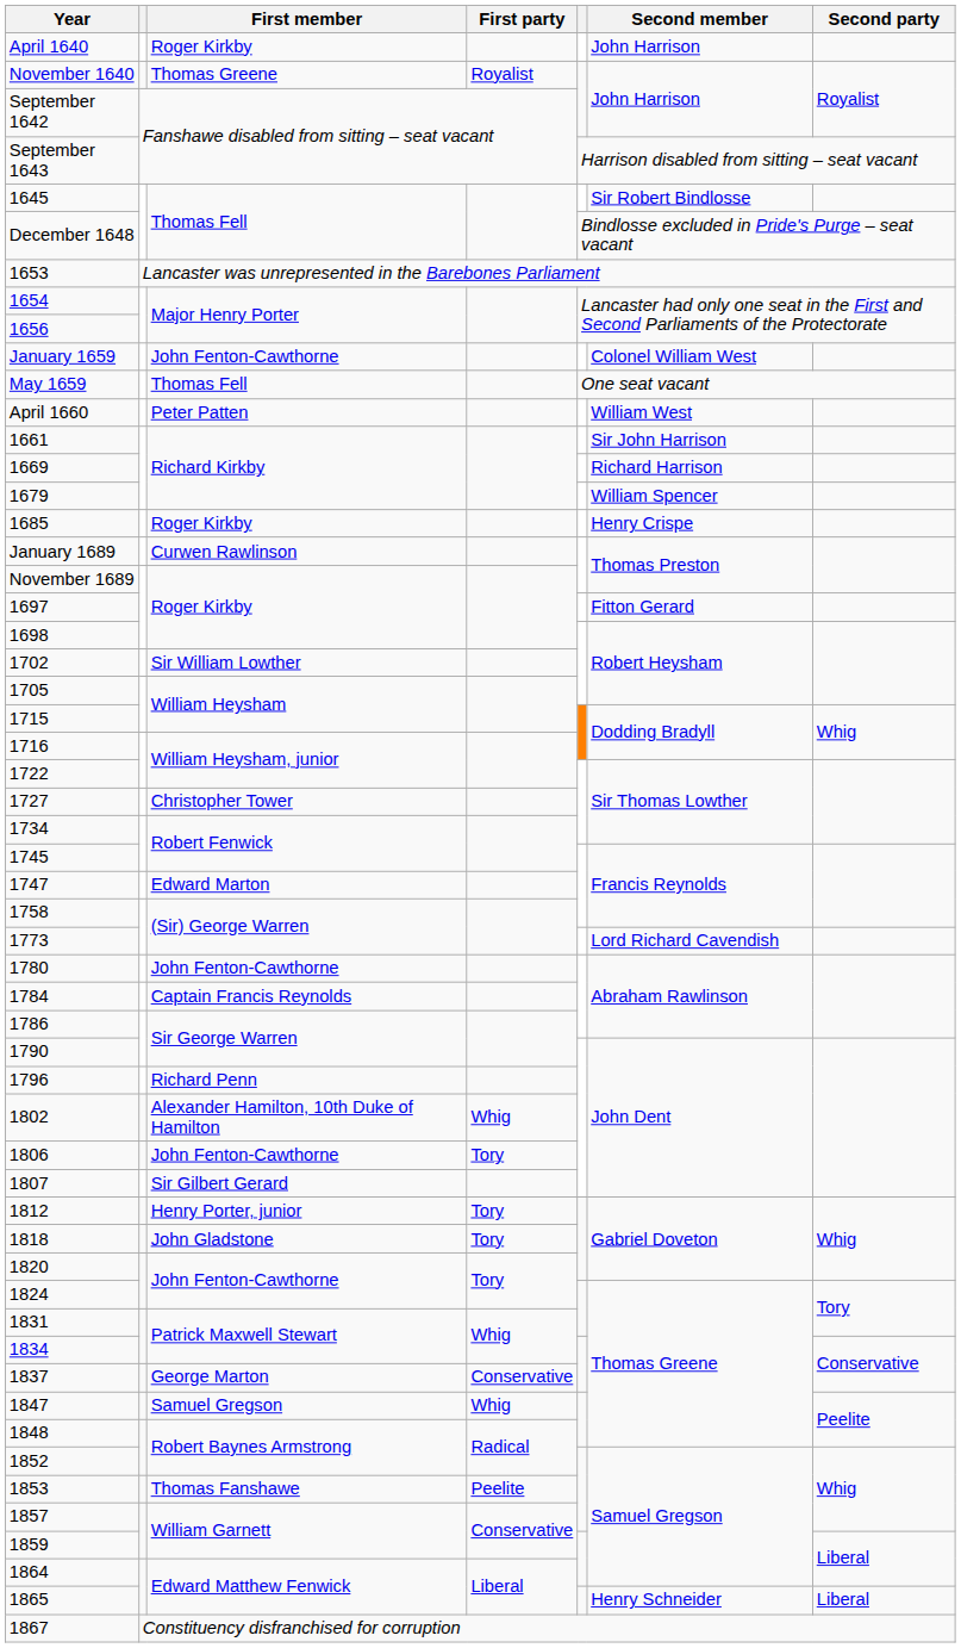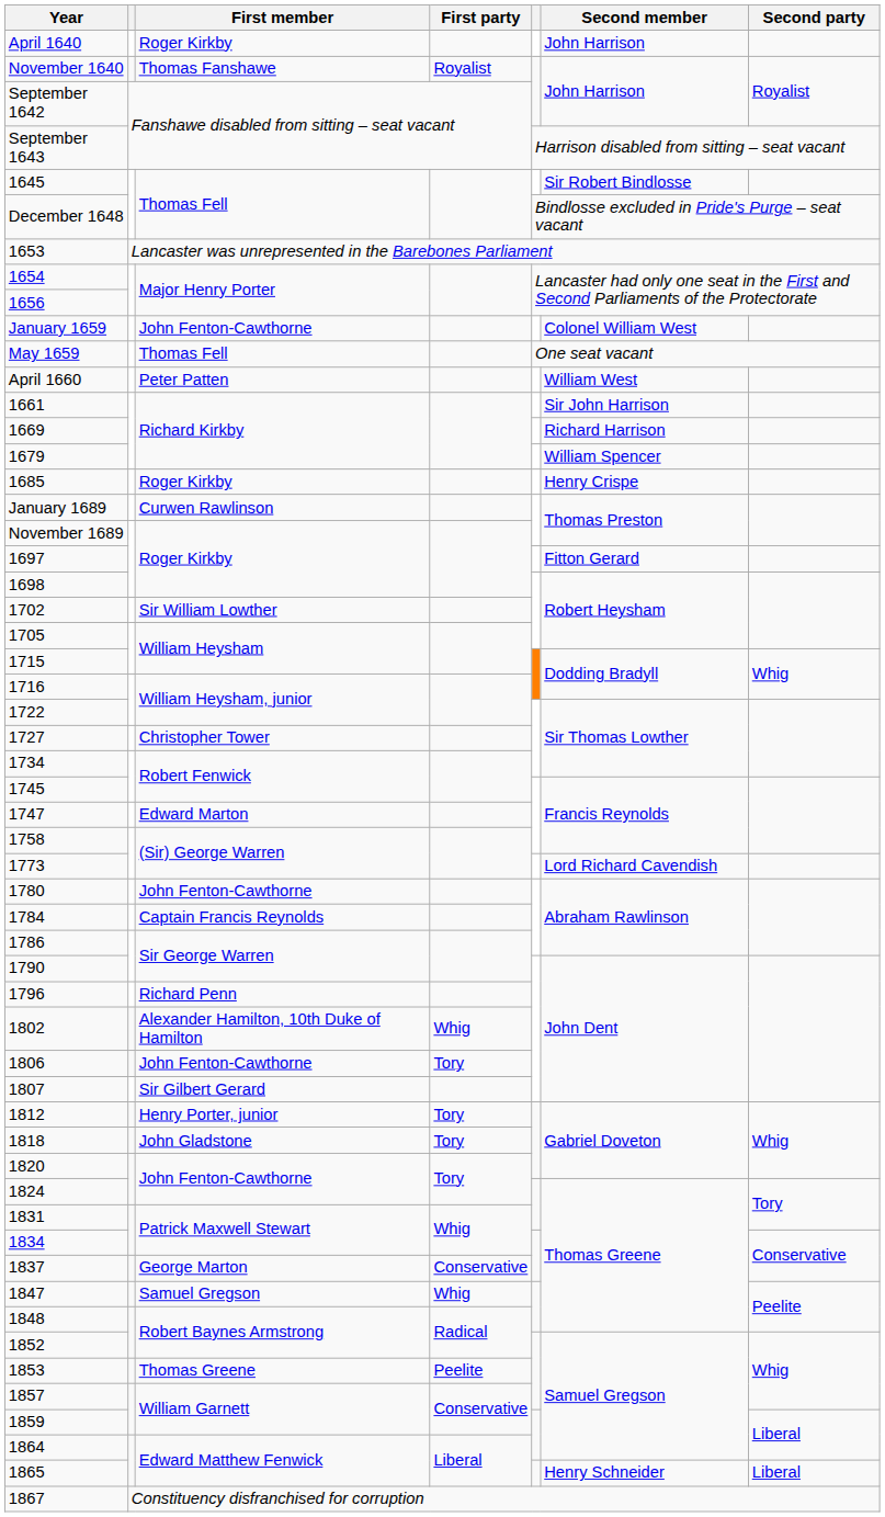 <table class="wikitable">
 <tr>
 <th>Year</th>
 <th></th>
 <th>First member</th>
 <th>First party</th>
 <th></th>
 <th>Second member</th>
 <th>Second party</th>
 </tr>
 <tr>
 <td><a href='#'>April 1640</a></td>
 <td style="color:inherit;background-color: white"></td>
 <td><a href='#'>Roger Kirkby</a></td>
 <td></td>
 <td style="color:inherit;background-color: white"></td>
 <td><a href='#'>John Harrison</a></td>
 <td></td>
 </tr>
 <tr>
 <td><a href='#'>November 1640</a></td>
 <td style="color:inherit;background-color: "></td>
-<td><a href='#'>Thomas Greene</a></td>
+<td><a href='#'>Thomas Fanshawe</a></td>
 <td><a href='#'>Royalist</a></td>
 <td rowspan="2" style="color:inherit;background-color: "></td>
 <td rowspan="2"><a href='#'>John Harrison</a></td>
 <td rowspan="2"><a href='#'>Royalist</a></td>
 </tr>
 <tr>
 <td>September 1642</td>
 <td rowspan="2" colspan="3"><em>Fanshawe disabled from sitting – seat vacant</em></td>
 </tr>
 <tr>
 <td>September 1643</td>
 <td colspan="3"><em>Harrison disabled from sitting – seat vacant</em></td>
 </tr>
 <tr>
 <td>1645</td>
 <td rowspan="2" style="color:inherit;background-color: white"></td>
 <td rowspan="2"><a href='#'>Thomas Fell</a></td>
 <td rowspan="2"></td>
 <td style="color:inherit;background-color: white"></td>
 <td><a href='#'>Sir Robert Bindlosse</a></td>
 <td></td>
 </tr>
 <tr>
 <td>December 1648</td>
 <td colspan="3"><em>Bindlosse excluded in <a href='#'>Pride's Purge</a> – seat vacant</em></td>
 </tr>
 <tr>
 <td>1653</td>
 <td colspan="6"><em>Lancaster was unrepresented in the <a href='#'>Barebones Parliament</a></em></td>
 </tr>
 <tr>
 <td><a href='#'>1654</a></td>
 <td rowspan="2" style="color:inherit;background-color: white"></td>
 <td rowspan="2"><a href='#'>Major Henry Porter</a></td>
 <td rowspan="2"></td>
 <td rowspan="2" colspan="3"><em>Lancaster had only one seat in the <a href='#'>First</a>  and <br><a href='#'>Second</a> Parliaments of the Protectorate</em></td>
 </tr>
 <tr>
 <td><a href='#'>1656</a></td>
 </tr>
 <tr>
 <td><a href='#'>January 1659</a></td>
 <td style="color:inherit;background-color: white"></td>
 <td><a href='#'>John Fenton-Cawthorne</a></td>
 <td></td>
 <td style="color:inherit;background-color: white"></td>
 <td><a href='#'>Colonel William West</a></td>
 <td></td>
 </tr>
 <tr>
 <td><a href='#'>May 1659</a></td>
 <td style="color:inherit;background-color: white"></td>
 <td><a href='#'>Thomas Fell</a></td>
 <td></td>
 <td colspan="3"><em>One seat vacant</em></td>
 </tr>
 <tr>
 <td>April 1660</td>
 <td style="color:inherit;background-color: white"></td>
 <td><a href='#'>Peter Patten</a></td>
 <td></td>
 <td style="color:inherit;background-color: white"></td>
 <td><a href='#'>William West</a></td>
 <td></td>
 </tr>
 <tr>
 <td>1661</td>
 <td rowspan="3" style="color:inherit;background-color: white"></td>
 <td rowspan="3"><a href='#'>Richard Kirkby</a></td>
 <td rowspan="3"></td>
 <td style="color:inherit;background-color: white"></td>
 <td><a href='#'>Sir John Harrison</a></td>
 <td></td>
 </tr>
 <tr>
 <td>1669</td>
 <td style="color:inherit;background-color: white"></td>
 <td><a href='#'>Richard Harrison</a></td>
 <td></td>
 </tr>
 <tr>
 <td>1679</td>
 <td style="color:inherit;background-color: white"></td>
 <td><a href='#'>William Spencer</a></td>
 <td></td>
 </tr>
 <tr>
 <td>1685</td>
 <td style="color:inherit;background-color: white"></td>
 <td><a href='#'>Roger Kirkby</a></td>
 <td></td>
 <td style="color:inherit;background-color: white"></td>
 <td><a href='#'>Henry Crispe</a></td>
 <td></td>
 </tr>
 <tr>
 <td>January 1689</td>
 <td style="color:inherit;background-color: white"></td>
 <td><a href='#'>Curwen Rawlinson</a></td>
 <td></td>
 <td rowspan="2" style="color:inherit;background-color: white"></td>
 <td rowspan="2"><a href='#'>Thomas Preston</a></td>
 <td rowspan="2"></td>
 </tr>
 <tr>
 <td>November 1689</td>
 <td rowspan="3" style="color:inherit;background-color: white"></td>
 <td rowspan="3"><a href='#'>Roger Kirkby</a></td>
 <td rowspan="3"></td>
 </tr>
 <tr>
 <td>1697</td>
 <td style="color:inherit;background-color: white"></td>
 <td><a href='#'>Fitton Gerard</a></td>
 <td></td>
 </tr>
 <tr>
 <td>1698</td>
 <td rowspan="3" style="color:inherit;background-color: white"></td>
 <td rowspan="3"><a href='#'>Robert Heysham</a></td>
 <td rowspan="3"></td>
 </tr>
 <tr>
 <td>1702</td>
 <td style="color:inherit;background-color: white"></td>
 <td><a href='#'>Sir William Lowther</a></td>
 <td></td>
 </tr>
 <tr>
 <td>1705</td>
 <td rowspan="2" style="color:inherit;background-color: white"></td>
 <td rowspan="2"><a href='#'>William Heysham</a></td>
 <td rowspan="2"></td>
 </tr>
 <tr>
 <td>1715</td>
 <td rowspan="2" style="color:inherit;background-color: #FF7F00"></td>
 <td rowspan="2"><a href='#'>Dodding Bradyll</a></td>
 <td rowspan="2"><a href='#'>Whig</a></td>
 </tr>
 <tr>
 <td>1716</td>
 <td rowspan="2" style="color:inherit;background-color: white"></td>
 <td rowspan="2"><a href='#'>William Heysham, junior</a></td>
 <td rowspan="2"></td>
 </tr>
 <tr>
 <td>1722</td>
 <td rowspan="3" style="color:inherit;background-color: white"></td>
 <td rowspan="3"><a href='#'>Sir Thomas Lowther</a></td>
 <td rowspan="3"></td>
 </tr>
 <tr>
 <td>1727</td>
 <td style="color:inherit;background-color: white"></td>
 <td><a href='#'>Christopher Tower</a></td>
 <td></td>
 </tr>
 <tr>
 <td>1734</td>
 <td rowspan="2" style="color:inherit;background-color: white"></td>
 <td rowspan="2"><a href='#'>Robert Fenwick</a></td>
 <td rowspan="2"></td>
 </tr>
 <tr>
 <td>1745</td>
 <td rowspan="3" style="color:inherit;background-color: white"></td>
 <td rowspan="3"><a href='#'>Francis Reynolds</a></td>
 <td rowspan="3"></td>
 </tr>
 <tr>
 <td>1747</td>
 <td style="color:inherit;background-color: white"></td>
 <td><a href='#'>Edward Marton</a></td>
 <td></td>
 </tr>
 <tr>
 <td>1758</td>
 <td rowspan="2" style="color:inherit;background-color: white"></td>
 <td rowspan="2"><a href='#'>(Sir) George Warren</a></td>
 <td rowspan="2"></td>
 </tr>
 <tr>
 <td>1773</td>
 <td style="color:inherit;background-color: white"></td>
 <td><a href='#'>Lord Richard Cavendish</a></td>
 <td></td>
 </tr>
 <tr>
 <td>1780</td>
 <td style="color:inherit;background-color: white"></td>
 <td><a href='#'>John Fenton-Cawthorne</a></td>
 <td></td>
 <td rowspan="3" style="color:inherit;background-color: white"></td>
 <td rowspan="3"><a href='#'>Abraham Rawlinson</a></td>
 <td rowspan="3"></td>
 </tr>
 <tr>
 <td>1784</td>
 <td style="color:inherit;background-color: white"></td>
 <td><a href='#'>Captain Francis Reynolds</a></td>
 <td></td>
 </tr>
 <tr>
 <td>1786</td>
 <td rowspan="2" style="color:inherit;background-color: white"></td>
 <td rowspan="2"><a href='#'>Sir George Warren</a></td>
 <td rowspan="2"></td>
 </tr>
 <tr>
 <td>1790</td>
 <td rowspan="5" style="color:inherit;background-color: white"></td>
 <td rowspan="5"><a href='#'>John Dent</a></td>
 <td rowspan="5"></td>
 </tr>
 <tr>
 <td>1796</td>
 <td style="color:inherit;background-color: white"></td>
 <td><a href='#'>Richard Penn</a></td>
 <td></td>
 </tr>
 <tr>
 <td>1802</td>
 <td style="color:inherit;background-color: "></td>
 <td><a href='#'>Alexander Hamilton, 10th Duke of Hamilton</a></td>
 <td><a href='#'>Whig</a></td>
 </tr>
 <tr>
 <td>1806</td>
 <td style="color:inherit;background-color: "></td>
 <td><a href='#'>John Fenton-Cawthorne</a></td>
 <td><a href='#'>Tory</a></td>
 </tr>
 <tr>
 <td>1807</td>
 <td style="color:inherit;background-color: white"></td>
 <td><a href='#'>Sir Gilbert Gerard</a></td>
 <td></td>
 </tr>
 <tr>
 <td>1812</td>
 <td style="color:inherit;background-color: "></td>
 <td><a href='#'>Henry Porter, junior</a></td>
 <td><a href='#'>Tory</a></td>
 <td rowspan="3" style="color:inherit;background-color: "></td>
 <td rowspan="3"><a href='#'>Gabriel Doveton</a></td>
 <td rowspan="3"><a href='#'>Whig</a></td>
 </tr>
 <tr>
 <td>1818</td>
 <td style="color:inherit;background-color: "></td>
 <td><a href='#'>John Gladstone</a></td>
 <td><a href='#'>Tory</a></td>
 </tr>
 <tr>
 <td>1820</td>
 <td rowspan="2" style="color:inherit;background-color: "></td>
 <td rowspan="2"><a href='#'>John Fenton-Cawthorne</a></td>
 <td rowspan="2"><a href='#'>Tory</a></td>
 </tr>
 <tr>
 <td>1824</td>
 <td rowspan="2" style="color:inherit;background-color: "></td>
 <td rowspan="6"><a href='#'>Thomas Greene</a></td>
 <td rowspan="2"><a href='#'>Tory</a></td>
 </tr>
 <tr>
 <td>1831</td>
 <td rowspan="2" style="color:inherit;background-color: "></td>
 <td rowspan="2"><a href='#'>Patrick Maxwell Stewart</a></td>
 <td rowspan="2"><a href='#'>Whig</a></td>
 </tr>
 <tr>
 <td><a href='#'>1834</a></td>
 <td rowspan="2" style="color:inherit;background-color: "></td>
 <td rowspan="2"><a href='#'>Conservative</a></td>
 </tr>
 <tr>
 <td>1837</td>
 <td style="color:inherit;background-color: "></td>
 <td><a href='#'>George Marton</a></td>
 <td><a href='#'>Conservative</a></td>
 </tr>
 <tr>
 <td>1847</td>
 <td style="color:inherit;background-color: "></td>
 <td><a href='#'>Samuel Gregson</a></td>
 <td><a href='#'>Whig</a></td>
 <td rowspan="2" style="color:inherit;background-color: "></td>
 <td rowspan="2"><a href='#'>Peelite</a></td>
 </tr>
 <tr>
 <td>1848</td>
 <td rowspan="2" style="color:inherit;background-color: "></td>
 <td rowspan="2"><a href='#'>Robert Baynes Armstrong</a></td>
 <td rowspan="2"><a href='#'>Radical</a></td>
 </tr>
 <tr>
 <td>1852</td>
 <td rowspan="3" style="color:inherit;background-color: "></td>
 <td rowspan="5"><a href='#'>Samuel Gregson</a></td>
 <td rowspan="3"><a href='#'>Whig</a></td>
 </tr>
 <tr>
 <td>1853</td>
 <td style="color:inherit;background-color: "></td>
-<td><a href='#'>Thomas Fanshawe</a></td>
+<td><a href='#'>Thomas Greene</a></td>
 <td><a href='#'>Peelite</a></td>
 </tr>
 <tr>
 <td>1857</td>
 <td rowspan="2" style="color:inherit;background-color: "></td>
 <td rowspan="2"><a href='#'>William Garnett</a></td>
 <td rowspan="2"><a href='#'>Conservative</a></td>
 </tr>
 <tr>
 <td>1859</td>
 <td rowspan="2" style="color:inherit;background-color: "></td>
 <td rowspan="2"><a href='#'>Liberal</a></td>
 </tr>
 <tr>
 <td>1864</td>
 <td rowspan="2" style="color:inherit;background-color: "></td>
 <td rowspan="2"><a href='#'>Edward Matthew Fenwick</a></td>
 <td rowspan="2"><a href='#'>Liberal</a></td>
 </tr>
 <tr>
 <td>1865</td>
 <td style="color:inherit;background-color: "></td>
 <td><a href='#'>Henry Schneider</a></td>
 <td><a href='#'>Liberal</a></td>
 </tr>
 <tr>
 <td>1867</td>
 <td colspan="6"><em>Constituency disfranchised for corruption</em> </td>
 </tr>
 </table>
